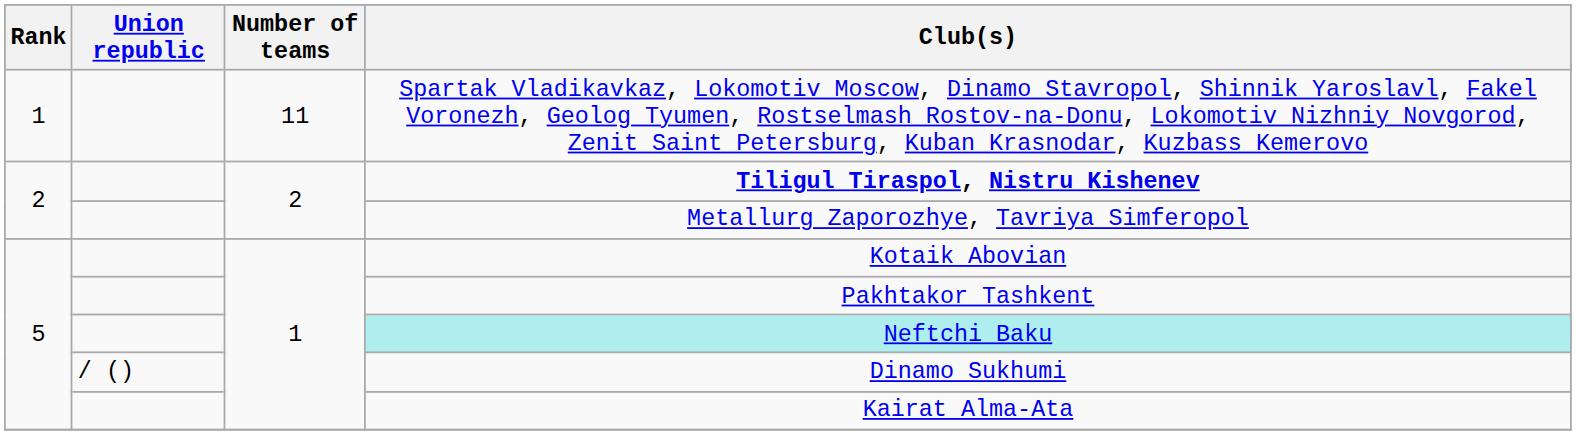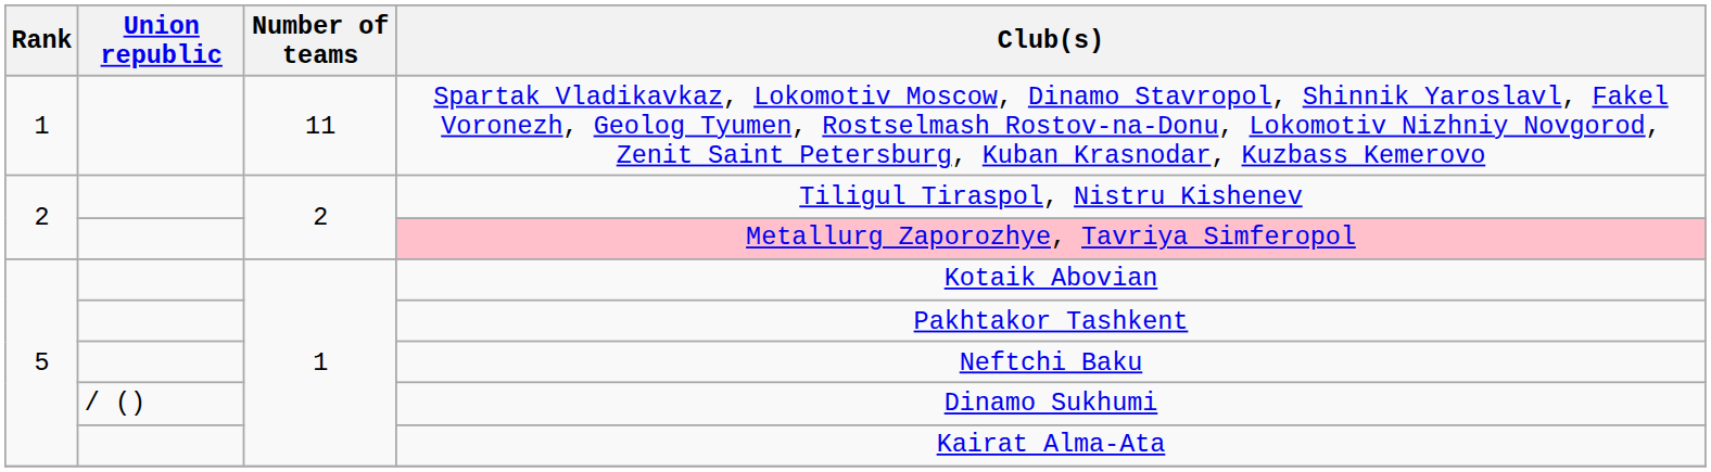 <table class="wikitable">
 <tr>
 <th>Rank</th>
 <th><a href='#'>Union republic</a></th>
 <th>Number of teams</th>
 <th>Club(s)</th>
 </tr>
 <tr>
 <td align="center">1</td>
 <td></td>
 <td align="center">11</td>
 <td align="center"><a href='#'>Spartak Vladikavkaz</a>, <a href='#'>Lokomotiv Moscow</a>, <a href='#'>Dinamo Stavropol</a>, <a href='#'>Shinnik Yaroslavl</a>, <a href='#'>Fakel Voronezh</a>, <a href='#'>Geolog Tyumen</a>, <a href='#'>Rostselmash Rostov-na-Donu</a>, <a href='#'>Lokomotiv Nizhniy Novgorod</a>, <a href='#'>Zenit Saint Petersburg</a>, <a href='#'>Kuban Krasnodar</a>, <a href='#'>Kuzbass Kemerovo</a></td>
 </tr>
 <tr>
 <td align="center" rowspan=2>2</td>
 <td></td>
 <td align="center" rowspan=2>2</td>
-<td align="center"><strong><a href='#'>Tiligul Tiraspol</a>, <a href='#'>Nistru Kishenev</a></strong></td>
+<td align="center"><a href='#'>Tiligul Tiraspol</a>, <a href='#'>Nistru Kishenev</a></td>
 </tr>
 <tr>
 <td></td>
-<td align="center"><a href='#'>Metallurg Zaporozhye</a>, <a href='#'>Tavriya Simferopol</a></td>
+<td align="center" style="background: pink;"><a href='#'>Metallurg Zaporozhye</a>, <a href='#'>Tavriya Simferopol</a></td>
 </tr>
 <tr>
 <td align="center" rowspan=5>5</td>
 <td></td>
 <td align="center" rowspan=5>1</td>
 <td align="center"><a href='#'>Kotaik Abovian</a></td>
 </tr>
 <tr>
 <td></td>
 <td align="center"><a href='#'>Pakhtakor Tashkent</a></td>
 </tr>
 <tr>
 <td></td>
-<td align="center" style="background: paleturquoise;"><a href='#'>Neftchi Baku</a></td>
+<td align="center"><a href='#'>Neftchi Baku</a></td>
 </tr>
 <tr>
 <td> / ()</td>
 <td align="center"><a href='#'>Dinamo Sukhumi</a></td>
 </tr>
 <tr>
 <td></td>
 <td align="center"><a href='#'>Kairat Alma-Ata</a></td>
 </tr>
 <tr>
 </tr>
 </table>
